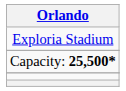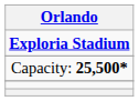 <table class="wikitable" style="margin:1em auto; text-align:center">
 <tr>
 <th><a href='#'>Orlando</a></th>
 </tr>
 <tr>
-<td><a href='#'>Exploria Stadium</a></td>
+<td><strong><a href='#'>Exploria Stadium</a></strong></td>
 </tr>
 <tr>
 </tr>
 <tr>
 <td>Capacity: <strong>25,500*</strong></td>
 </tr>
 <tr>
 </tr>
 <tr>
 <td></td>
 </tr>
 <tr>
 <th></th>
 </tr>
 </table>
